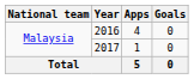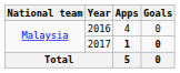 <table class=wikitable style="text-align: center;">
 <tr>
 <th>National team</th>
 <th>Year</th>
 <th>Apps</th>
 <th>Goals</th>
 </tr>
 <tr>
 <td rowspan=2><a href='#'>Malaysia</a></td>
 <td>2016</td>
 <td>4</td>
 <td>0</td>
 </tr>
 <tr>
 <td>2017</td>
-<td>1</td>
-<td>0</td>
+<td><strong>1</strong></td>
+<td><strong>0</strong></td>
 </tr>
 <tr>
 <th colspan=2>Total</th>
 <th>5</th>
 <th>0</th>
 </tr>
 </table>
